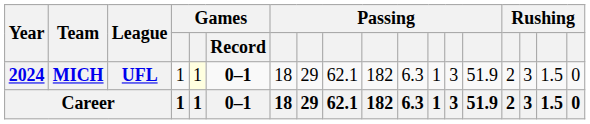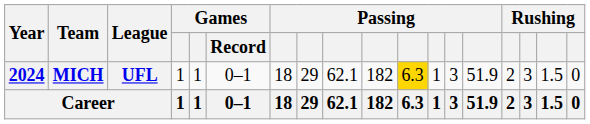 <table class="wikitable" style="text-align:center;">
 <tr>
 <th rowspan="2">Year</th>
 <th rowspan="2">Team</th>
 <th rowspan="2">League</th>
 <th colspan="3">Games</th>
 <th colspan="8">Passing</th>
 <th colspan="4">Rushing</th>
 </tr>
 <tr>
 <th></th>
 <th></th>
 <th>Record</th>
 <th></th>
 <th></th>
 <th></th>
 <th></th>
 <th></th>
 <th></th>
 <th></th>
 <th></th>
 <th></th>
 <th></th>
 <th></th>
 <th></th>
 </tr>
 <tr>
 <th><a href='#'>2024</a></th>
 <th><a href='#'>MICH</a></th>
 <th><a href='#'>UFL</a></th>
 <td>1</td>
-<td style="background: lightyellow;">1</td>
-<td><strong>0–1</strong></td>
+<td>1</td>
+<td>0–1</td>
 <td>18</td>
 <td>29</td>
 <td>62.1</td>
 <td>182</td>
-<td>6.3</td>
+<td style="background: gold;">6.3</td>
 <td>1</td>
 <td>3</td>
 <td>51.9</td>
 <td>2</td>
 <td>3</td>
 <td>1.5</td>
 <td>0</td>
 </tr>
 <tr>
 <th colspan="3">Career</th>
 <th>1</th>
 <th>1</th>
 <th>0–1</th>
 <th>18</th>
 <th>29</th>
 <th>62.1</th>
 <th>182</th>
 <th>6.3</th>
 <th>1</th>
 <th>3</th>
 <th>51.9</th>
 <th>2</th>
 <th>3</th>
 <th>1.5</th>
 <th>0</th>
 </tr>
 </table>
